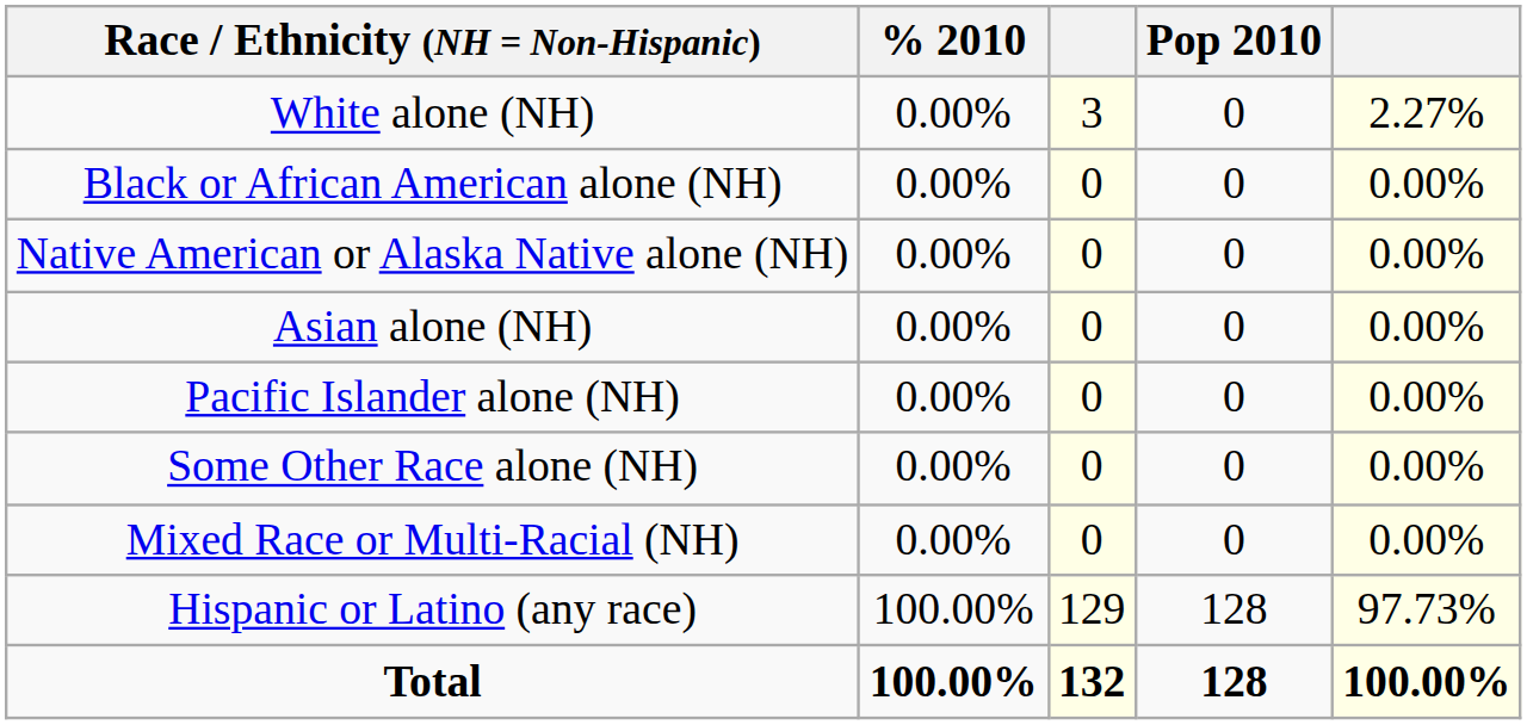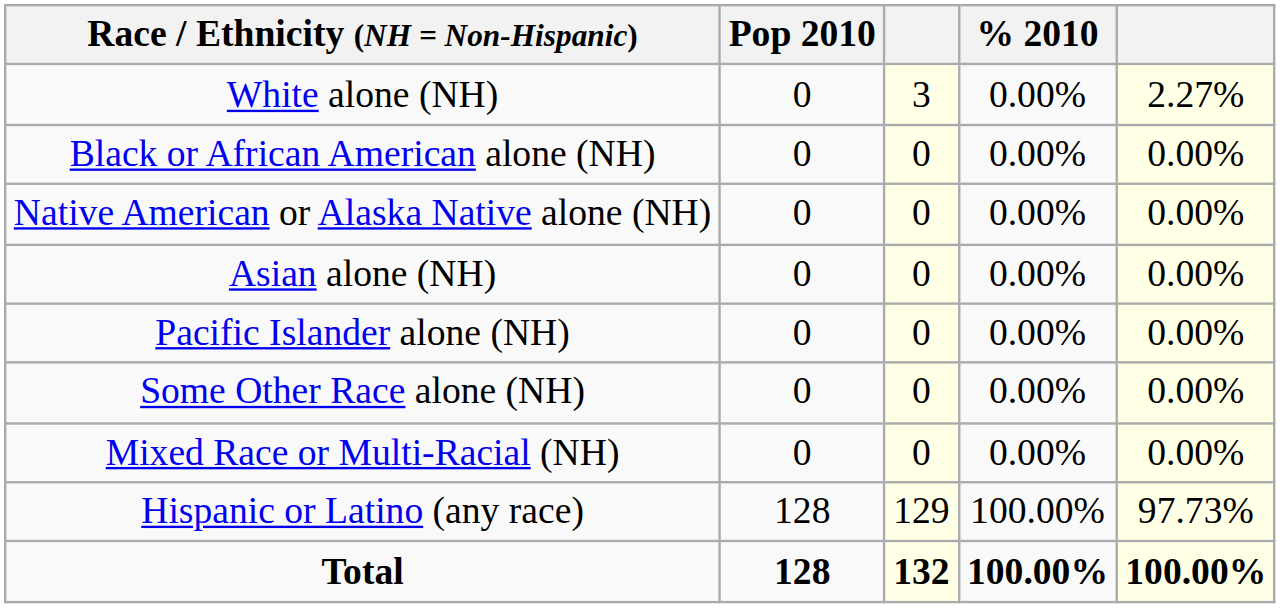 <table class="wikitable" style="text-align:center;">
 <tr>
 <th>Race / Ethnicity <small>(<em>NH = Non-Hispanic</em>)</small></th>
+<th>Pop 2010</th>
+<th></th>
 <th>% 2010</th>
-<th></th>
-<th>Pop 2010</th>
 <th></th>
 </tr>
 <tr>
 <td><a href='#'>White</a> alone (NH)</td>
+<td>0</td>
+<td style='background: #ffffe6;'>3</td>
 <td>0.00%</td>
-<td style='background: #ffffe6;'>3</td>
-<td>0</td>
 <td style='background: #ffffe6;'>2.27%</td>
 </tr>
 <tr>
 <td><a href='#'>Black or African American</a> alone (NH)</td>
+<td>0</td>
+<td style='background: #ffffe6;'>0</td>
 <td>0.00%</td>
-<td style='background: #ffffe6;'>0</td>
-<td>0</td>
 <td style='background: #ffffe6;'>0.00%</td>
 </tr>
 <tr>
 <td><a href='#'>Native American</a> or <a href='#'>Alaska Native</a> alone (NH)</td>
+<td>0</td>
+<td style='background: #ffffe6;'>0</td>
 <td>0.00%</td>
-<td style='background: #ffffe6;'>0</td>
-<td>0</td>
 <td style='background: #ffffe6;'>0.00%</td>
 </tr>
 <tr>
 <td><a href='#'>Asian</a> alone (NH)</td>
+<td>0</td>
+<td style='background: #ffffe6;'>0</td>
 <td>0.00%</td>
-<td style='background: #ffffe6;'>0</td>
-<td>0</td>
 <td style='background: #ffffe6;'>0.00%</td>
 </tr>
 <tr>
 <td><a href='#'>Pacific Islander</a> alone (NH)</td>
+<td>0</td>
+<td style='background: #ffffe6;'>0</td>
 <td>0.00%</td>
-<td style='background: #ffffe6;'>0</td>
-<td>0</td>
 <td style='background: #ffffe6;'>0.00%</td>
 </tr>
 <tr>
 <td><a href='#'>Some Other Race</a> alone (NH)</td>
+<td>0</td>
+<td style='background: #ffffe6;'>0</td>
 <td>0.00%</td>
-<td style='background: #ffffe6;'>0</td>
-<td>0</td>
 <td style='background: #ffffe6;'>0.00%</td>
 </tr>
 <tr>
 <td><a href='#'>Mixed Race or Multi-Racial</a> (NH)</td>
+<td>0</td>
+<td style='background: #ffffe6;'>0</td>
 <td>0.00%</td>
-<td style='background: #ffffe6;'>0</td>
-<td>0</td>
 <td style='background: #ffffe6;'>0.00%</td>
 </tr>
 <tr>
 <td><a href='#'>Hispanic or Latino</a> (any race)</td>
+<td>128</td>
+<td style='background: #ffffe6;'>129</td>
 <td>100.00%</td>
-<td style='background: #ffffe6;'>129</td>
-<td>128</td>
 <td style='background: #ffffe6;'>97.73%</td>
 </tr>
 <tr>
 <td><strong>Total</strong></td>
+<td><strong>128</strong></td>
+<td style='background: #ffffe6;'><strong>132</strong></td>
 <td><strong>100.00%</strong></td>
-<td style='background: #ffffe6;'><strong>132</strong></td>
-<td><strong>128</strong></td>
 <td style='background: #ffffe6;'><strong>100.00%</strong></td>
 </tr>
 </table>
